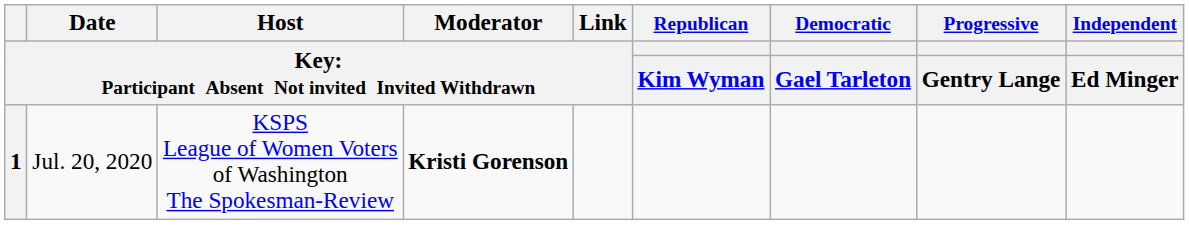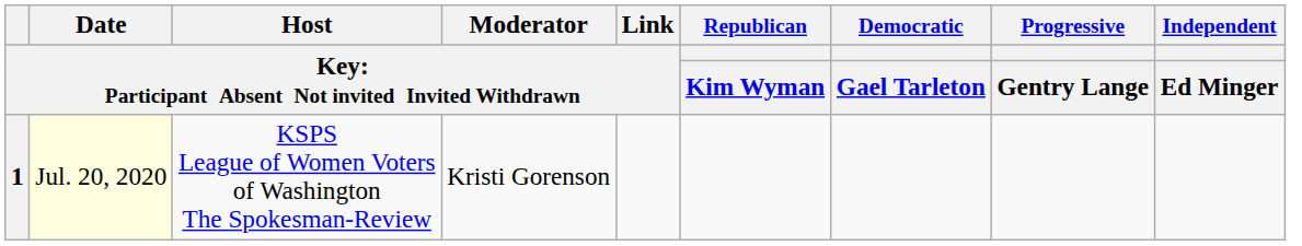 <table class="wikitable" style="text-align:center;">
 <tr>
 <th scope="col"></th>
 <th scope="col">Date</th>
 <th scope="col">Host</th>
 <th scope="col">Moderator</th>
 <th scope="col">Link</th>
 <th scope="col"><small><a href='#'>Republican</a></small></th>
 <th scope="col"><small><a href='#'>Democratic</a></small></th>
 <th scope="col"><small><a href='#'>Progressive</a></small></th>
 <th scope="col"><small><a href='#'>Independent</a></small></th>
 </tr>
 <tr>
 <th colspan="5" rowspan="2">Key:<br> <small>Participant </small>  <small>Absent </small>  <small>Not invited </small>  <small>Invited  Withdrawn</small></th>
 <th scope="col" style="background:"></th>
 <th scope="col" style="background:"></th>
 <th scope="col" style="background:"></th>
 <th scope="col" style="background:"></th>
 </tr>
 <tr>
 <th scope="col"><a href='#'>Kim Wyman</a></th>
 <th scope="col"><a href='#'>Gael Tarleton</a></th>
 <th scope="col">Gentry Lange</th>
 <th scope="col">Ed Minger</th>
 </tr>
 <tr>
 <th>1</th>
-<td style="white-space:nowrap;">Jul. 20, 2020</td>
+<td style="background: lightyellow; white-space:nowrap;">Jul. 20, 2020</td>
 <td style="white-space:nowrap;"><a href='#'>KSPS</a><br><a href='#'>League of Women Voters</a><br>of Washington<br><a href='#'>The Spokesman-Review</a></td>
-<td style="white-space:nowrap;"><strong>Kristi Gorenson</strong></td>
+<td style="white-space:nowrap;">Kristi Gorenson</td>
 <td style="white-space:nowrap;"></td>
 <td></td>
 <td></td>
 <td></td>
 <td></td>
 </tr>
 </table>
